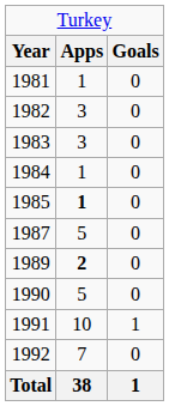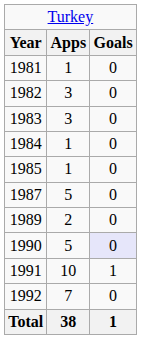 <table class="wikitable" style="text-align:center">
 <tr>
 <td colspan=3><a href='#'>Turkey</a></td>
 </tr>
 <tr>
 <th>Year</th>
 <th>Apps</th>
 <th>Goals</th>
 </tr>
 <tr>
 </tr>
 <tr>
 <td>1981</td>
 <td>1</td>
 <td>0</td>
 </tr>
 <tr>
 <td>1982</td>
 <td>3</td>
 <td>0</td>
 </tr>
 <tr>
 <td>1983</td>
 <td>3</td>
 <td>0</td>
 </tr>
 <tr>
 <td>1984</td>
 <td>1</td>
 <td>0</td>
 </tr>
 <tr>
 <td>1985</td>
-<td><strong>1</strong></td>
+<td>1</td>
 <td>0</td>
 </tr>
 <tr>
 <td>1987</td>
 <td>5</td>
 <td>0</td>
 </tr>
 <tr>
 <td>1989</td>
-<td><strong>2</strong></td>
+<td>2</td>
 <td>0</td>
 </tr>
 <tr>
 <td>1990</td>
 <td>5</td>
-<td>0</td>
+<td style="background: lavender;">0</td>
 </tr>
 <tr>
 <td>1991</td>
 <td>10</td>
 <td>1</td>
 </tr>
 <tr>
 <td>1992</td>
 <td>7</td>
 <td>0</td>
 </tr>
 <tr>
 <th>Total</th>
 <th>38</th>
 <th>1</th>
 </tr>
 </table>
